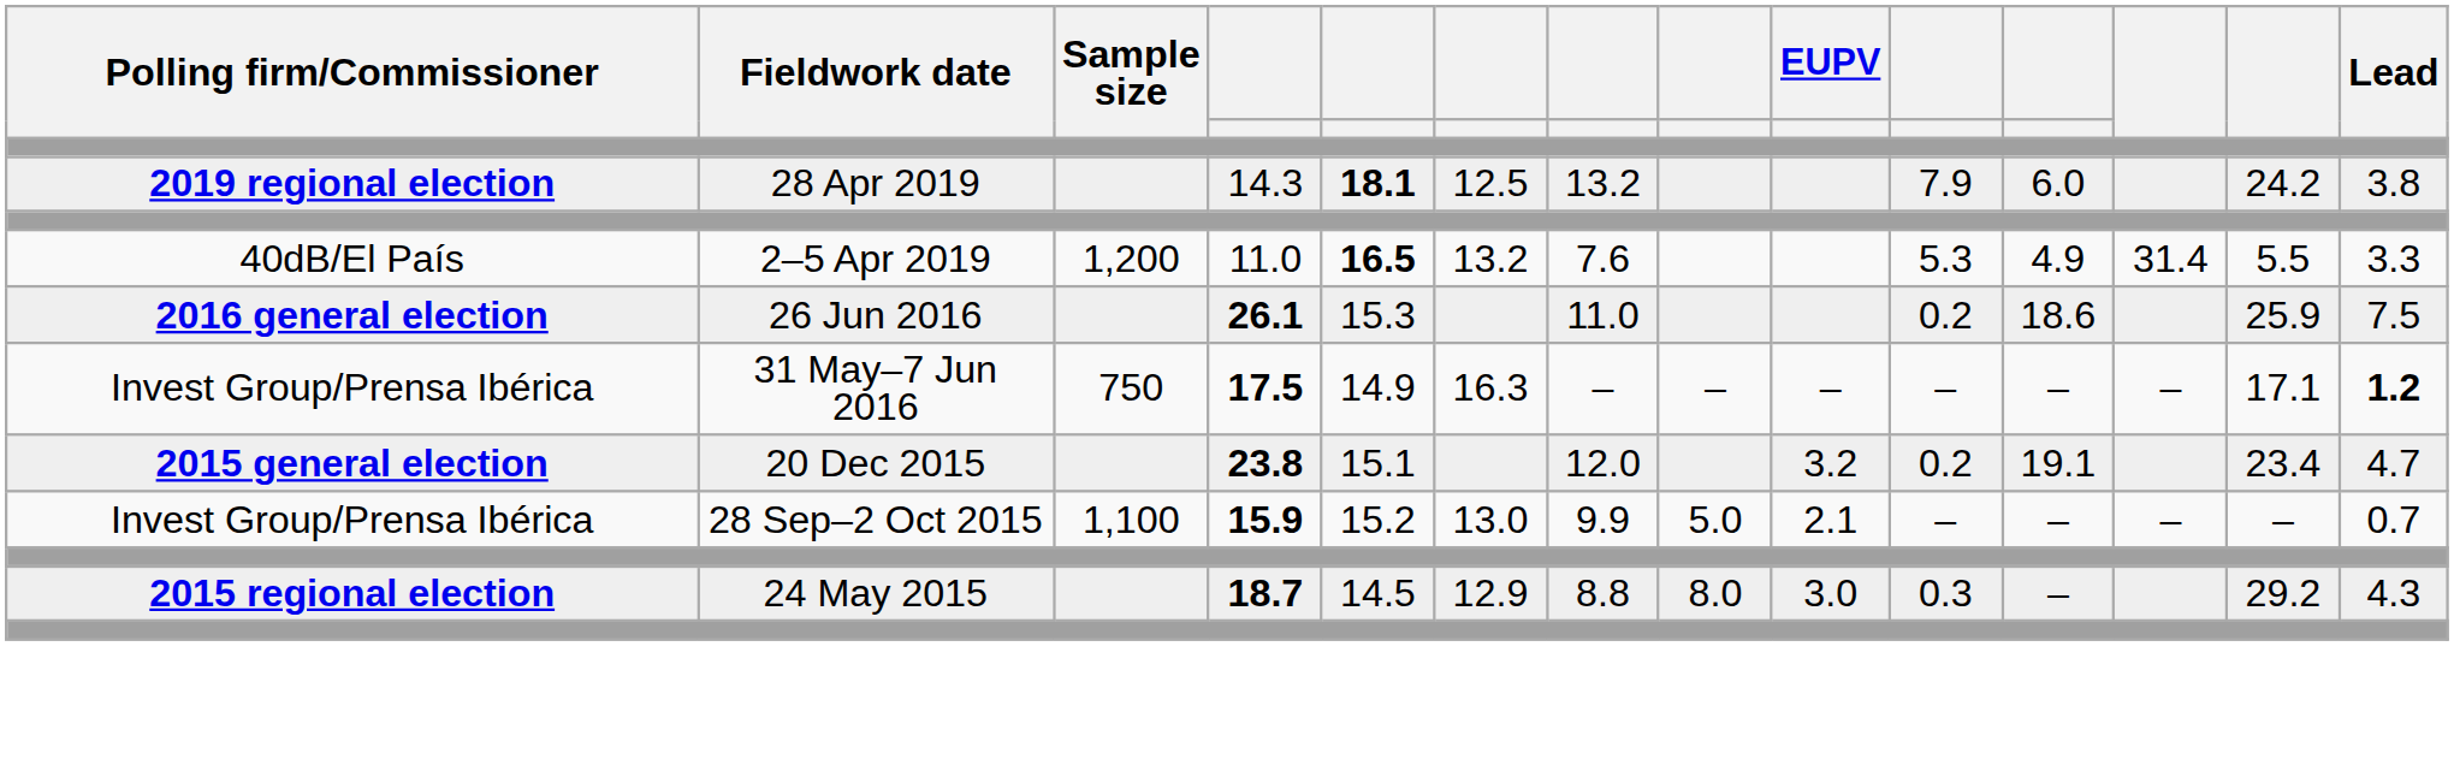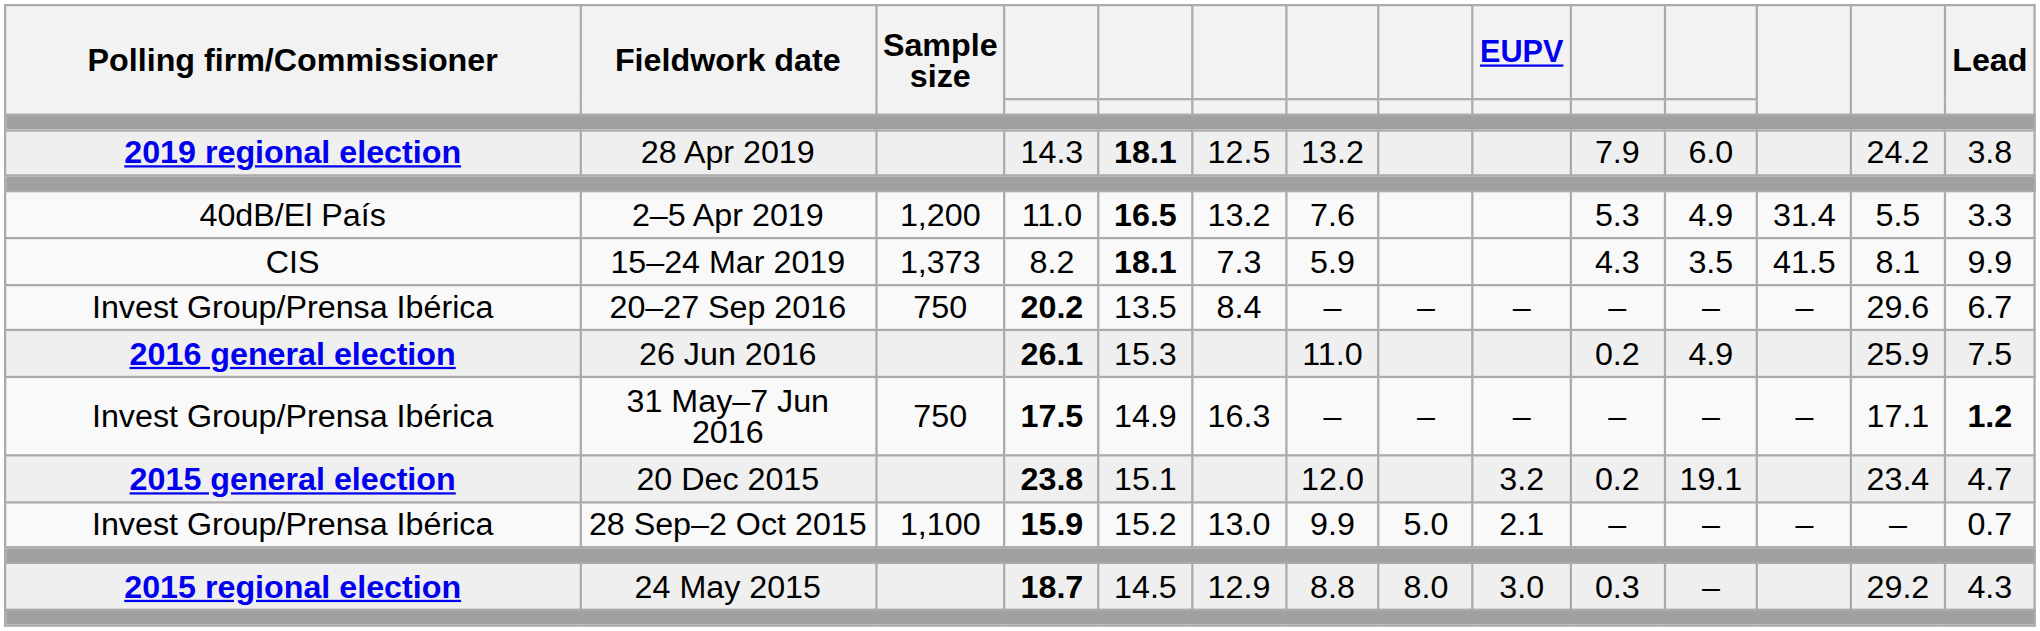 <table class="wikitable collapsible collapsed" style="text-align:center; font-size:90%; line-height:14px;">
 <tr style="height:42px;">
 <th style="width:250px;" rowspan="2">Polling firm/Commissioner</th>
 <th style="width:125px;" rowspan="2">Fieldwork date</th>
 <th style="width:50px;" rowspan="2">Sample size</th>
 <th style="width:35px;"></th>
 <th style="width:35px;"></th>
 <th style="width:35px;"></th>
 <th style="width:35px;"></th>
 <th style="width:35px;"></th>
 <th style="width:35px; font-size:95%;"><a href='#'>EUPV</a></th>
 <th style="width:35px;"></th>
 <th style="width:35px;"></th>
 <th style="width:35px;" rowspan="2"></th>
 <th style="width:35px;" rowspan="2"></th>
 <th style="width:30px;" rowspan="2">Lead</th>
 </tr>
 <tr>
 <th style="color:inherit;background:"></th>
 <th style="color:inherit;background:"></th>
 <th style="color:inherit;background:"></th>
 <th style="color:inherit;background:"></th>
 <th style="color:inherit;background:"></th>
 <th style="color:inherit;background:"></th>
 <th style="color:inherit;background:"></th>
 <th style="color:inherit;background:"></th>
 </tr>
 <tr>
 <td colspan="14" style="background:#A0A0A0"></td>
 </tr>
 <tr style="background:#EFEFEF;">
 <td><strong><a href='#'>2019 regional election</a></strong></td>
 <td>28 Apr 2019</td>
 <td></td>
 <td>14.3</td>
 <td><strong>18.1</strong></td>
 <td>12.5</td>
 <td>13.2</td>
 <td></td>
 <td></td>
 <td>7.9</td>
 <td>6.0</td>
 <td></td>
 <td>24.2</td>
 <td style="background:">3.8</td>
 </tr>
 <tr>
 <td colspan="14" style="background:#A0A0A0"></td>
 </tr>
 <tr>
 <td>40dB/El País</td>
 <td>2–5 Apr 2019</td>
 <td>1,200</td>
 <td>11.0</td>
 <td><strong>16.5</strong></td>
 <td>13.2</td>
 <td>7.6</td>
 <td></td>
 <td></td>
 <td>5.3</td>
 <td>4.9</td>
 <td>31.4</td>
 <td>5.5</td>
 <td style="background:">3.3</td>
 </tr>
+<tr>
+<td>CIS</td>
+<td>15–24 Mar 2019</td>
+<td>1,373</td>
+<td>8.2</td>
+<td><strong>18.1</strong></td>
+<td>7.3</td>
+<td>5.9</td>
+<td></td>
+<td></td>
+<td>4.3</td>
+<td>3.5</td>
+<td>41.5</td>
+<td>8.1</td>
+<td style="background:">9.9</td>
+</tr>
+<tr>
+<td>Invest Group/Prensa Ibérica</td>
+<td>20–27 Sep 2016</td>
+<td>750</td>
+<td><strong>20.2</strong></td>
+<td>13.5</td>
+<td>8.4</td>
+<td>–</td>
+<td>–</td>
+<td>–</td>
+<td>–</td>
+<td>–</td>
+<td>–</td>
+<td>29.6</td>
+<td style="background:">6.7</td>
+</tr>
 <tr style="background:#EFEFEF;">
 <td><strong><a href='#'>2016 general election</a></strong></td>
 <td>26 Jun 2016</td>
 <td></td>
 <td><strong>26.1</strong></td>
 <td>15.3</td>
 <td></td>
 <td>11.0</td>
 <td></td>
 <td></td>
 <td>0.2</td>
-<td>18.6</td>
+<td>4.9</td>
 <td></td>
 <td>25.9</td>
 <td style="background:">7.5</td>
 </tr>
 <tr>
 <td>Invest Group/Prensa Ibérica</td>
 <td>31 May–7 Jun 2016</td>
 <td>750</td>
 <td><strong>17.5</strong></td>
 <td>14.9</td>
 <td>16.3</td>
 <td>–</td>
 <td>–</td>
 <td>–</td>
 <td>–</td>
 <td>–</td>
 <td>–</td>
 <td>17.1</td>
 <td style="background:"><strong>1.2</strong></td>
 </tr>
 <tr style="background:#EFEFEF;">
 <td><strong><a href='#'>2015 general election</a></strong></td>
 <td>20 Dec 2015</td>
 <td></td>
 <td><strong>23.8</strong></td>
 <td>15.1</td>
 <td></td>
 <td>12.0</td>
 <td></td>
 <td>3.2</td>
 <td>0.2</td>
 <td>19.1</td>
 <td></td>
 <td>23.4</td>
 <td style="background:">4.7</td>
 </tr>
 <tr>
 <td>Invest Group/Prensa Ibérica</td>
 <td>28 Sep–2 Oct 2015</td>
 <td>1,100</td>
 <td><strong>15.9</strong></td>
 <td>15.2</td>
 <td>13.0</td>
 <td>9.9</td>
 <td>5.0</td>
 <td>2.1</td>
 <td>–</td>
 <td>–</td>
 <td>–</td>
 <td>–</td>
 <td style="background:">0.7</td>
 </tr>
 <tr>
 <td colspan="14" style="background:#A0A0A0"></td>
 </tr>
 <tr style="background:#EFEFEF;">
 <td><strong><a href='#'>2015 regional election</a></strong></td>
 <td>24 May 2015</td>
 <td></td>
 <td><strong>18.7</strong></td>
 <td>14.5</td>
 <td>12.9</td>
 <td>8.8</td>
 <td>8.0</td>
 <td>3.0</td>
 <td>0.3</td>
 <td>–</td>
 <td></td>
 <td>29.2</td>
 <td style="background:">4.3</td>
 </tr>
 <tr>
 <td colspan="14" style="background:#A0A0A0"></td>
 </tr>
 </table>
